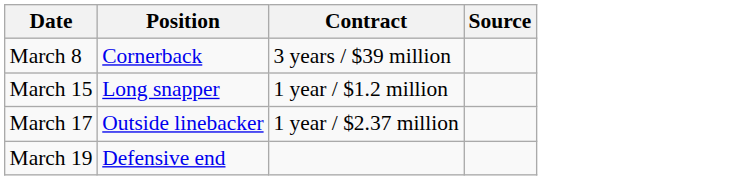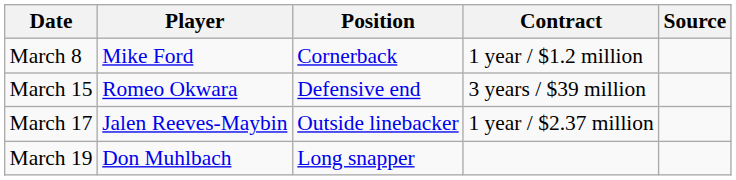 <table class="wikitable">
 <tr>
 <th>Date</th>
+<th>Player</th>
 <th>Position</th>
 <th>Contract</th>
 <th>Source</th>
 </tr>
 <tr>
 <td>March 8</td>
+<td><a href='#'>Mike Ford</a></td>
 <td><a href='#'>Cornerback</a></td>
+<td>1 year / $1.2 million</td>
+<td></td>
+</tr>
+<tr>
+<td>March 15</td>
+<td><a href='#'>Romeo Okwara</a></td>
+<td><a href='#'>Defensive end</a></td>
 <td>3 years / $39 million</td>
 <td></td>
 </tr>
 <tr>
-<td>March 15</td>
-<td><a href='#'>Long snapper</a></td>
-<td>1 year / $1.2 million</td>
-<td></td>
-</tr>
-<tr>
 <td>March 17</td>
+<td><a href='#'>Jalen Reeves-Maybin</a></td>
 <td><a href='#'>Outside linebacker</a></td>
 <td>1 year / $2.37 million</td>
 <td></td>
 </tr>
 <tr>
 <td>March 19</td>
-<td><a href='#'>Defensive end</a></td>
+<td><a href='#'>Don Muhlbach</a></td>
+<td><a href='#'>Long snapper</a></td>
 <td></td>
 <td></td>
 </tr>
 </table>
